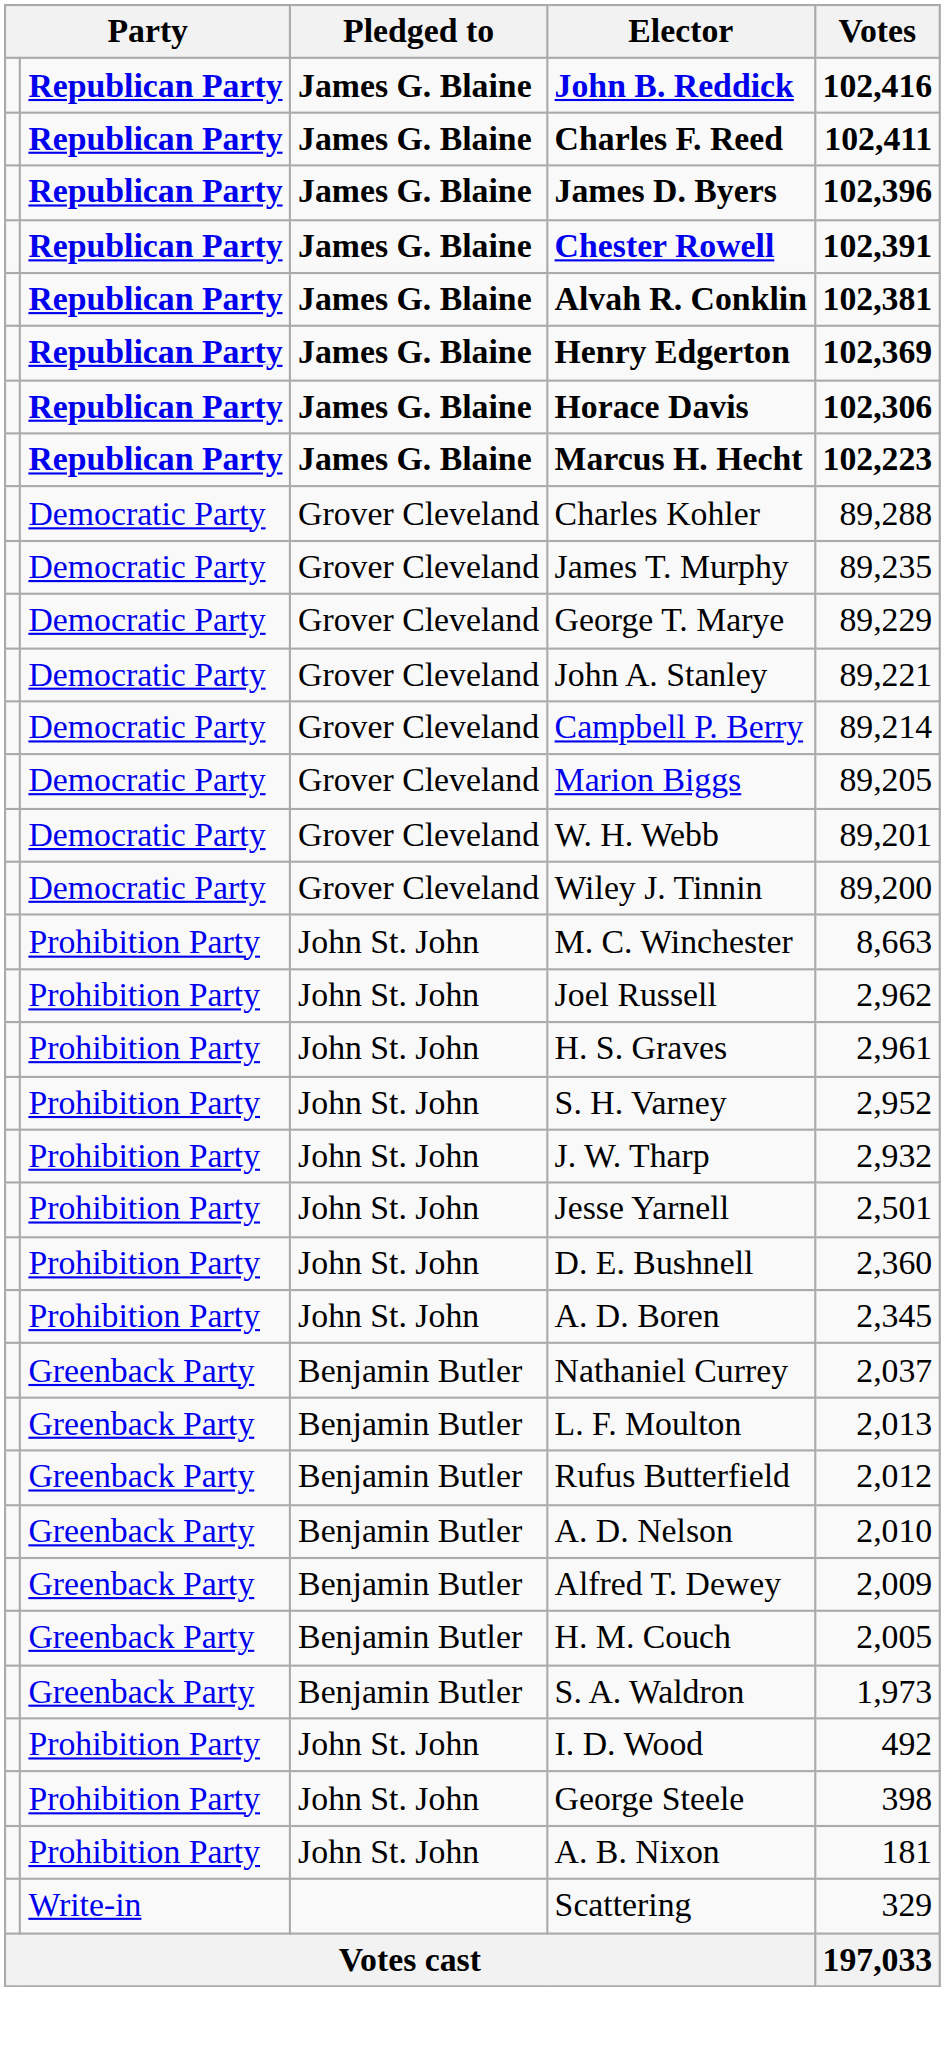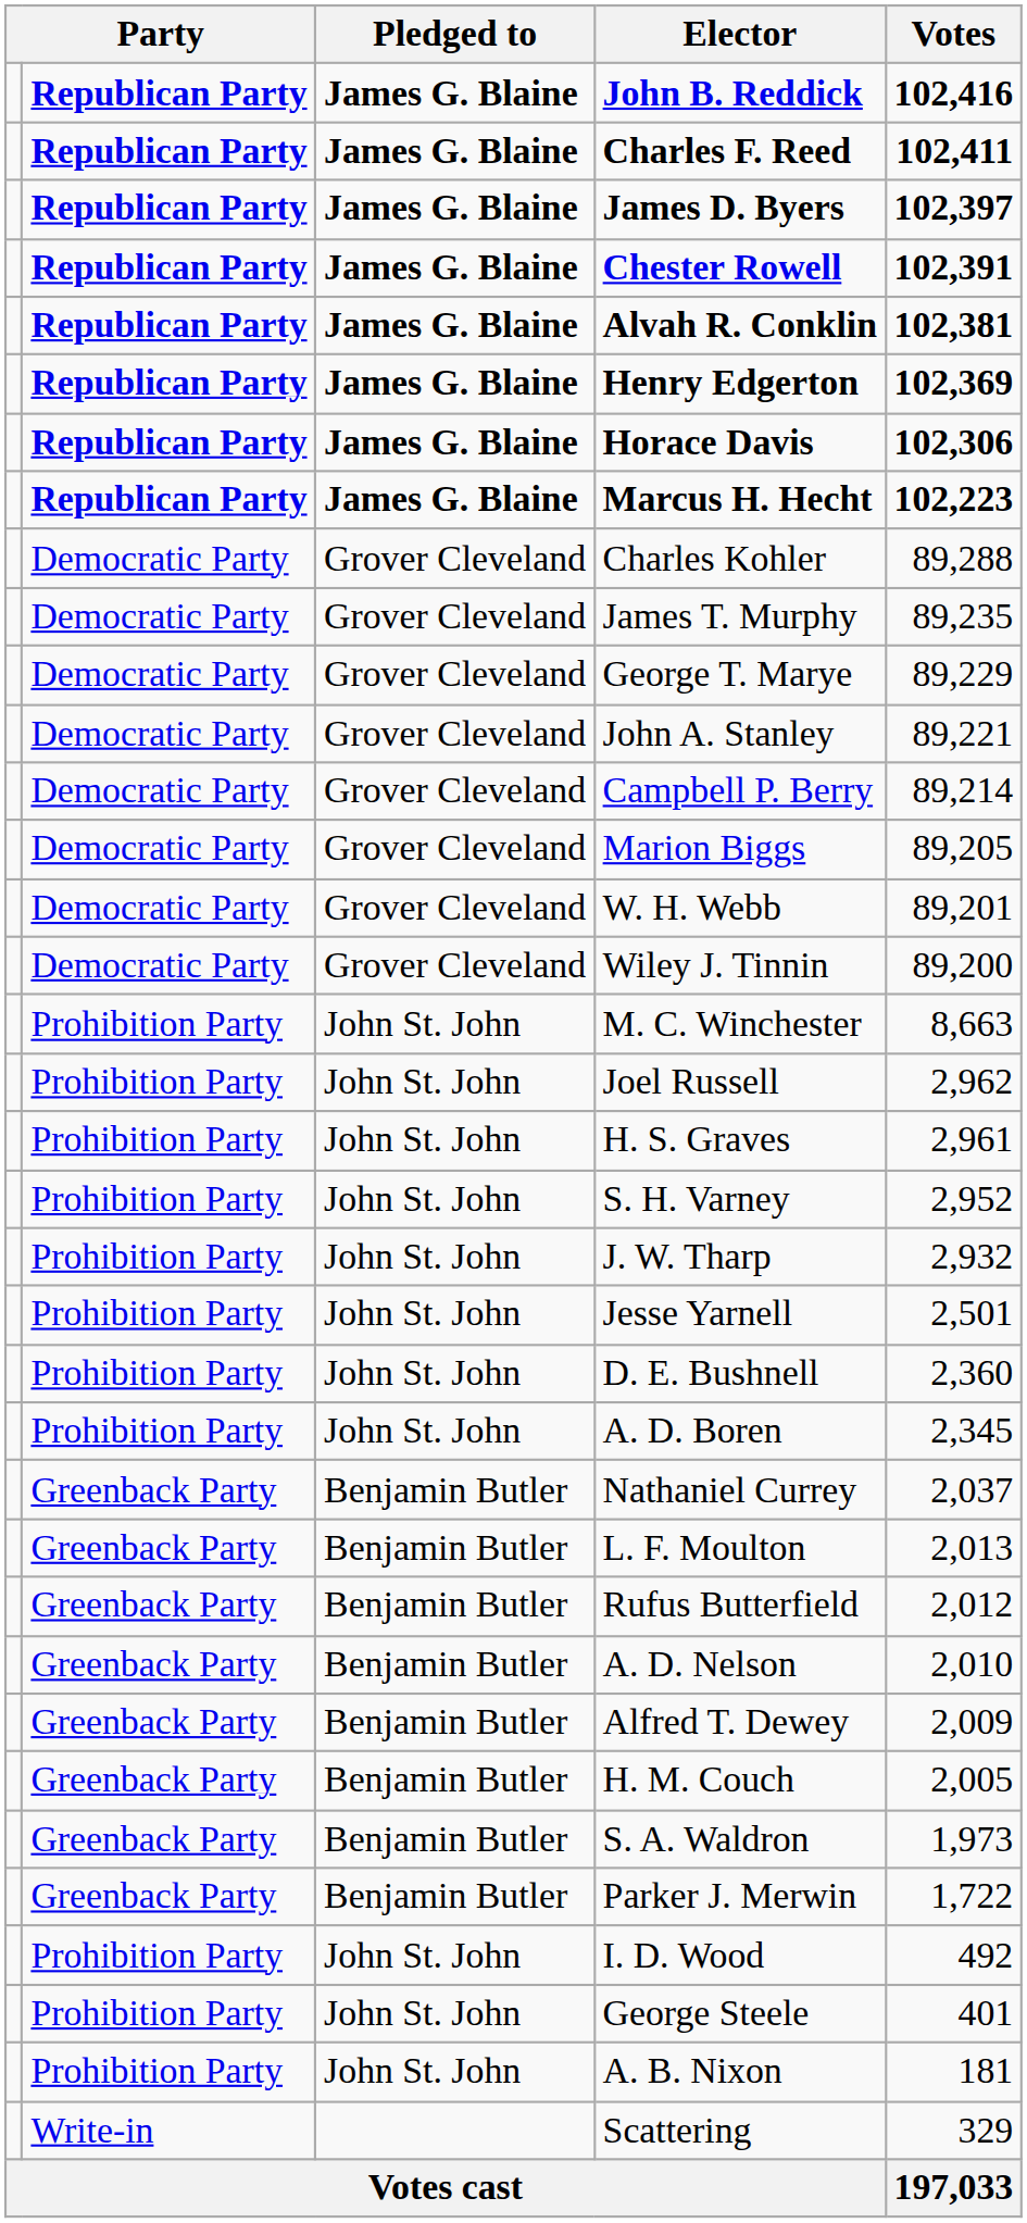 <table class="wikitable">
 <tr>
 <th colspan=2>Party</th>
 <th>Pledged to</th>
 <th>Elector</th>
 <th>Votes</th>
 </tr>
 <tr style="font-weight:bold">
 <td bgcolor=></td>
 <td><a href='#'>Republican Party</a></td>
 <td>James G. Blaine</td>
 <td><a href='#'>John B. Reddick</a></td>
 <td align=right>102,416</td>
 </tr>
 <tr style="font-weight:bold">
 <td bgcolor=></td>
 <td><a href='#'>Republican Party</a></td>
 <td>James G. Blaine</td>
 <td>Charles F. Reed</td>
 <td align=right>102,411</td>
 </tr>
 <tr style="font-weight:bold">
 <td bgcolor=></td>
 <td><a href='#'>Republican Party</a></td>
 <td>James G. Blaine</td>
 <td>James D. Byers</td>
-<td align=right>102,396</td>
+<td align=right>102,397</td>
 </tr>
 <tr style="font-weight:bold">
 <td bgcolor=></td>
 <td><a href='#'>Republican Party</a></td>
 <td>James G. Blaine</td>
 <td><a href='#'>Chester Rowell</a></td>
 <td align=right>102,391</td>
 </tr>
 <tr style="font-weight:bold">
 <td bgcolor=></td>
 <td><a href='#'>Republican Party</a></td>
 <td>James G. Blaine</td>
 <td>Alvah R. Conklin</td>
 <td align=right>102,381</td>
 </tr>
 <tr style="font-weight:bold">
 <td bgcolor=></td>
 <td><a href='#'>Republican Party</a></td>
 <td>James G. Blaine</td>
 <td>Henry Edgerton</td>
 <td align=right>102,369</td>
 </tr>
 <tr style="font-weight:bold">
 <td bgcolor=></td>
 <td><a href='#'>Republican Party</a></td>
 <td>James G. Blaine</td>
 <td>Horace Davis</td>
 <td align=right>102,306</td>
 </tr>
 <tr style="font-weight:bold">
 <td bgcolor=></td>
 <td><a href='#'>Republican Party</a></td>
 <td>James G. Blaine</td>
 <td>Marcus H. Hecht</td>
 <td align=right>102,223</td>
 </tr>
 <tr>
 <td></td>
 <td><a href='#'>Democratic Party</a></td>
 <td>Grover Cleveland</td>
 <td>Charles Kohler</td>
 <td align="right">89,288</td>
 </tr>
 <tr>
 <td></td>
 <td><a href='#'>Democratic Party</a></td>
 <td>Grover Cleveland</td>
 <td>James T. Murphy</td>
 <td align="right">89,235</td>
 </tr>
 <tr>
 <td></td>
 <td><a href='#'>Democratic Party</a></td>
 <td>Grover Cleveland</td>
 <td>George T. Marye</td>
 <td align="right">89,229</td>
 </tr>
 <tr>
 <td></td>
 <td><a href='#'>Democratic Party</a></td>
 <td>Grover Cleveland</td>
 <td>John A. Stanley</td>
 <td align="right">89,221</td>
 </tr>
 <tr>
 <td></td>
 <td><a href='#'>Democratic Party</a></td>
 <td>Grover Cleveland</td>
 <td><a href='#'>Campbell P. Berry</a></td>
 <td align="right">89,214</td>
 </tr>
 <tr>
 <td></td>
 <td><a href='#'>Democratic Party</a></td>
 <td>Grover Cleveland</td>
 <td><a href='#'>Marion Biggs</a></td>
 <td align="right">89,205</td>
 </tr>
 <tr>
 <td></td>
 <td><a href='#'>Democratic Party</a></td>
 <td>Grover Cleveland</td>
 <td>W. H. Webb</td>
 <td align="right">89,201</td>
 </tr>
 <tr>
 <td></td>
 <td><a href='#'>Democratic Party</a></td>
 <td>Grover Cleveland</td>
 <td>Wiley J. Tinnin</td>
 <td align="right">89,200</td>
 </tr>
 <tr>
 <td></td>
 <td><a href='#'>Prohibition Party</a></td>
 <td>John St. John</td>
 <td>M. C. Winchester</td>
 <td align="right">8,663</td>
 </tr>
 <tr>
 <td></td>
 <td><a href='#'>Prohibition Party</a></td>
 <td>John St. John</td>
 <td>Joel Russell</td>
 <td align="right">2,962</td>
 </tr>
 <tr>
 <td></td>
 <td><a href='#'>Prohibition Party</a></td>
 <td>John St. John</td>
 <td>H. S. Graves</td>
 <td align="right">2,961</td>
 </tr>
 <tr>
 <td></td>
 <td><a href='#'>Prohibition Party</a></td>
 <td>John St. John</td>
 <td>S. H. Varney</td>
 <td align="right">2,952</td>
 </tr>
 <tr>
 <td></td>
 <td><a href='#'>Prohibition Party</a></td>
 <td>John St. John</td>
 <td>J. W. Tharp</td>
 <td align="right">2,932</td>
 </tr>
 <tr>
 <td></td>
 <td><a href='#'>Prohibition Party</a></td>
 <td>John St. John</td>
 <td>Jesse Yarnell</td>
 <td align="right">2,501</td>
 </tr>
 <tr>
 <td></td>
 <td><a href='#'>Prohibition Party</a></td>
 <td>John St. John</td>
 <td>D. E. Bushnell</td>
 <td align="right">2,360</td>
 </tr>
 <tr>
 <td></td>
 <td><a href='#'>Prohibition Party</a></td>
 <td>John St. John</td>
 <td>A. D. Boren</td>
 <td align="right">2,345</td>
 </tr>
 <tr>
 <td></td>
 <td><a href='#'>Greenback Party</a></td>
 <td>Benjamin Butler</td>
 <td>Nathaniel Currey</td>
 <td align="right">2,037</td>
 </tr>
 <tr>
 <td></td>
 <td><a href='#'>Greenback Party</a></td>
 <td>Benjamin Butler</td>
 <td>L. F. Moulton</td>
 <td align="right">2,013</td>
 </tr>
 <tr>
 <td></td>
 <td><a href='#'>Greenback Party</a></td>
 <td>Benjamin Butler</td>
 <td>Rufus Butterfield</td>
 <td align="right">2,012</td>
 </tr>
 <tr>
 <td></td>
 <td><a href='#'>Greenback Party</a></td>
 <td>Benjamin Butler</td>
 <td>A. D. Nelson</td>
 <td align="right">2,010</td>
 </tr>
 <tr>
 <td></td>
 <td><a href='#'>Greenback Party</a></td>
 <td>Benjamin Butler</td>
 <td>Alfred T. Dewey</td>
 <td align="right">2,009</td>
 </tr>
 <tr>
 <td></td>
 <td><a href='#'>Greenback Party</a></td>
 <td>Benjamin Butler</td>
 <td>H. M. Couch</td>
 <td align="right">2,005</td>
 </tr>
 <tr>
 <td></td>
 <td><a href='#'>Greenback Party</a></td>
 <td>Benjamin Butler</td>
 <td>S. A. Waldron</td>
 <td align="right">1,973</td>
 </tr>
 <tr>
 <td></td>
+<td><a href='#'>Greenback Party</a></td>
+<td>Benjamin Butler</td>
+<td>Parker J. Merwin</td>
+<td align="right">1,722</td>
+</tr>
+<tr>
+<td></td>
 <td><a href='#'>Prohibition Party</a></td>
 <td>John St. John</td>
 <td>I. D. Wood</td>
 <td align="right">492</td>
 </tr>
 <tr>
 <td></td>
 <td><a href='#'>Prohibition Party</a></td>
 <td>John St. John</td>
 <td>George Steele</td>
-<td align="right">398</td>
+<td align="right">401</td>
 </tr>
 <tr>
 <td></td>
 <td><a href='#'>Prohibition Party</a></td>
 <td>John St. John</td>
 <td>A. B. Nixon</td>
 <td align="right">181</td>
 </tr>
 <tr>
 <td></td>
 <td><a href='#'>Write-in</a></td>
 <td></td>
 <td>Scattering</td>
 <td align="right">329</td>
 </tr>
 <tr>
 <th colspan="4">Votes cast</th>
 <th>197,033</th>
 </tr>
 </table>
